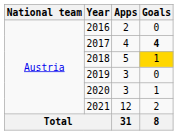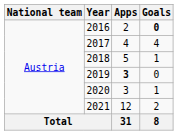 <table class="wikitable" style="text-align:center">
 <tr>
 <th>National team</th>
 <th>Year</th>
 <th>Apps</th>
 <th>Goals</th>
 </tr>
 <tr>
 <td rowspan="6"><a href='#'>Austria</a></td>
 <td>2016</td>
 <td>2</td>
-<td>0</td>
+<td><strong>0</strong></td>
 </tr>
 <tr>
 <td>2017</td>
 <td>4</td>
-<td><strong>4</strong></td>
+<td>4</td>
 </tr>
 <tr>
 <td>2018</td>
 <td>5</td>
-<td style="background: gold;">1</td>
+<td>1</td>
 </tr>
 <tr>
 <td>2019</td>
-<td>3</td>
+<td><strong>3</strong></td>
 <td>0</td>
 </tr>
 <tr>
 <td>2020</td>
 <td>3</td>
 <td>1</td>
 </tr>
 <tr>
 <td>2021</td>
 <td>12</td>
 <td>2</td>
 </tr>
 <tr>
 <th colspan="2">Total</th>
 <th>31</th>
 <th>8</th>
 </tr>
 </table>
